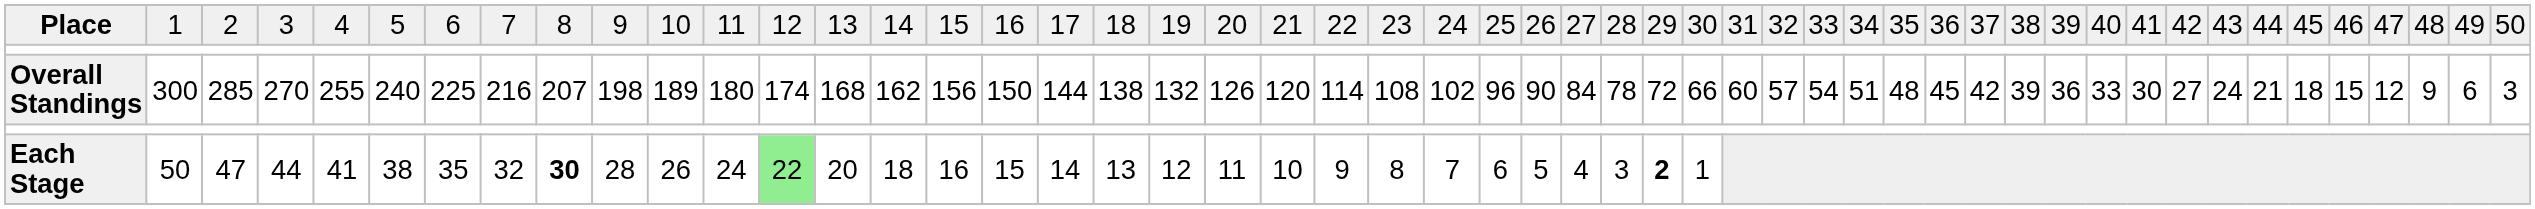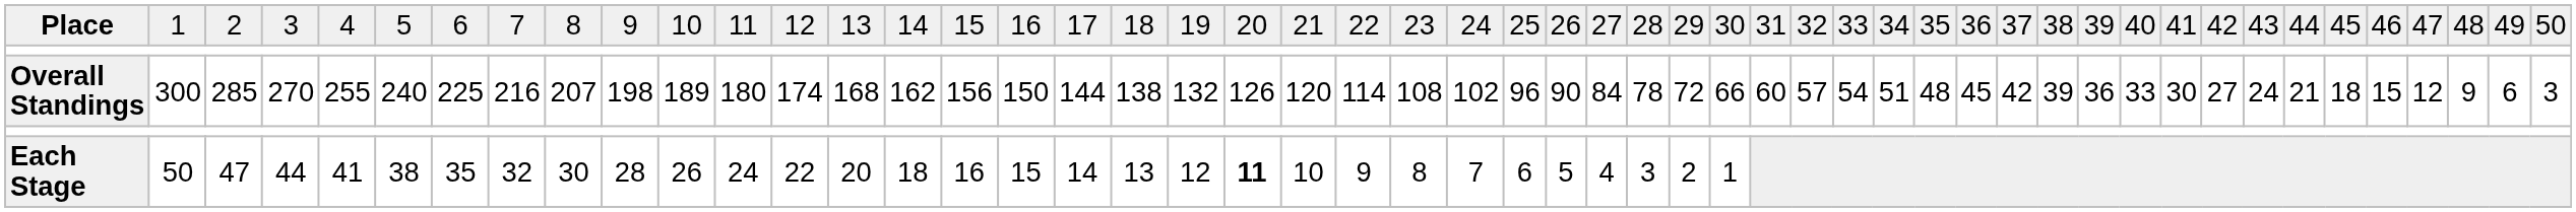 <table border="1" cellpadding="2" cellspacing="0" style="border:1px solid #C0C0C0; border-collapse:collapse; font-size:86%; margin-top:1em; text-align:center" width="1000">
 <tr bgcolor="#F0F0F0">
 <td width=150><strong>Place</strong></td>
 <td width=50>1</td>
 <td width=50>2</td>
 <td width=50>3</td>
 <td width=50>4</td>
 <td width=50>5</td>
 <td width=50>6</td>
 <td width=50>7</td>
 <td width=50>8</td>
 <td width=50>9</td>
 <td width=50>10</td>
 <td width=50>11</td>
 <td width=50>12</td>
 <td width=50>13</td>
 <td width=50>14</td>
 <td width=50>15</td>
 <td width=50>16</td>
 <td width=50>17</td>
 <td width=50>18</td>
 <td width=50>19</td>
 <td width=50>20</td>
 <td width=50>21</td>
 <td width=50>22</td>
 <td width=50>23</td>
 <td width=50>24</td>
 <td width=50>25</td>
 <td width=50>26</td>
 <td width=50>27</td>
 <td width=50>28</td>
 <td width=50>29</td>
 <td width=50>30</td>
 <td width=50>31</td>
 <td width=50>32</td>
 <td width=50>33</td>
 <td width=50>34</td>
 <td width=50>35</td>
 <td width=50>36</td>
 <td width=50>37</td>
 <td width=50>38</td>
 <td width=50>39</td>
 <td width=50>40</td>
 <td width=50>41</td>
 <td width=50>42</td>
 <td width=50>43</td>
 <td width=50>44</td>
 <td width=50>45</td>
 <td width=50>46</td>
 <td width=50>47</td>
 <td width=50>48</td>
 <td width=50>49</td>
 <td width=50>50</td>
 </tr>
 <tr>
 <td colspan=51></td>
 </tr>
 <tr>
 <td bgcolor="#F0F0F0" align=left><strong>Overall Standings</strong></td>
 <td>300</td>
 <td>285</td>
 <td>270</td>
 <td>255</td>
 <td>240</td>
 <td>225</td>
 <td>216</td>
 <td>207</td>
 <td>198</td>
 <td>189</td>
 <td>180</td>
 <td>174</td>
 <td>168</td>
 <td>162</td>
 <td>156</td>
 <td>150</td>
 <td>144</td>
 <td>138</td>
 <td>132</td>
 <td>126</td>
 <td>120</td>
 <td>114</td>
 <td>108</td>
 <td>102</td>
 <td>96</td>
 <td>90</td>
 <td>84</td>
 <td>78</td>
 <td>72</td>
 <td>66</td>
 <td>60</td>
 <td>57</td>
 <td>54</td>
 <td>51</td>
 <td>48</td>
 <td>45</td>
 <td>42</td>
 <td>39</td>
 <td>36</td>
 <td>33</td>
 <td>30</td>
 <td>27</td>
 <td>24</td>
 <td>21</td>
 <td>18</td>
 <td>15</td>
 <td>12</td>
 <td>9</td>
 <td>6</td>
 <td>3</td>
 </tr>
 <tr>
 <td colspan=51></td>
 </tr>
 <tr>
 <td bgcolor="#F0F0F0" align=left><strong>Each Stage</strong></td>
 <td>50</td>
 <td>47</td>
 <td>44</td>
 <td>41</td>
 <td>38</td>
 <td>35</td>
 <td>32</td>
-<td><strong>30</strong></td>
+<td>30</td>
 <td>28</td>
 <td>26</td>
 <td>24</td>
-<td style="background: lightgreen;">22</td>
+<td>22</td>
 <td>20</td>
 <td>18</td>
 <td>16</td>
 <td>15</td>
 <td>14</td>
 <td>13</td>
 <td>12</td>
-<td>11</td>
+<td><strong>11</strong></td>
 <td>10</td>
 <td>9</td>
 <td>8</td>
 <td>7</td>
 <td>6</td>
 <td>5</td>
 <td>4</td>
 <td>3</td>
-<td><strong>2</strong></td>
+<td>2</td>
 <td>1</td>
 <td colspan=20 style=background:#efefef;></td>
 </tr>
 </table>
